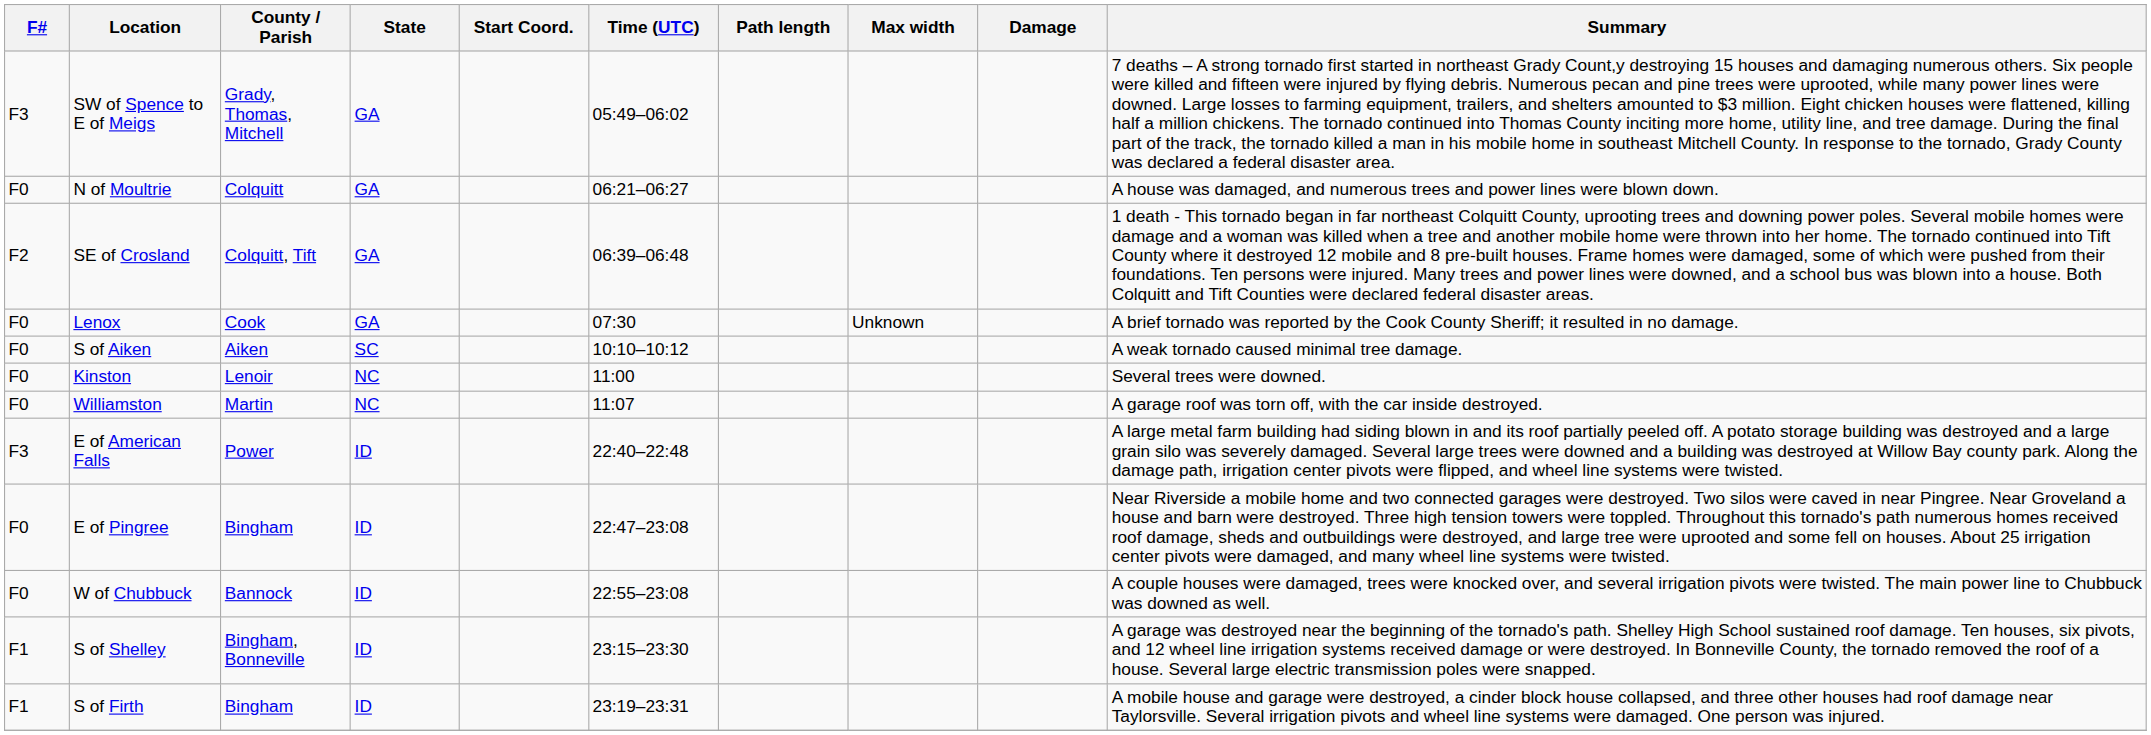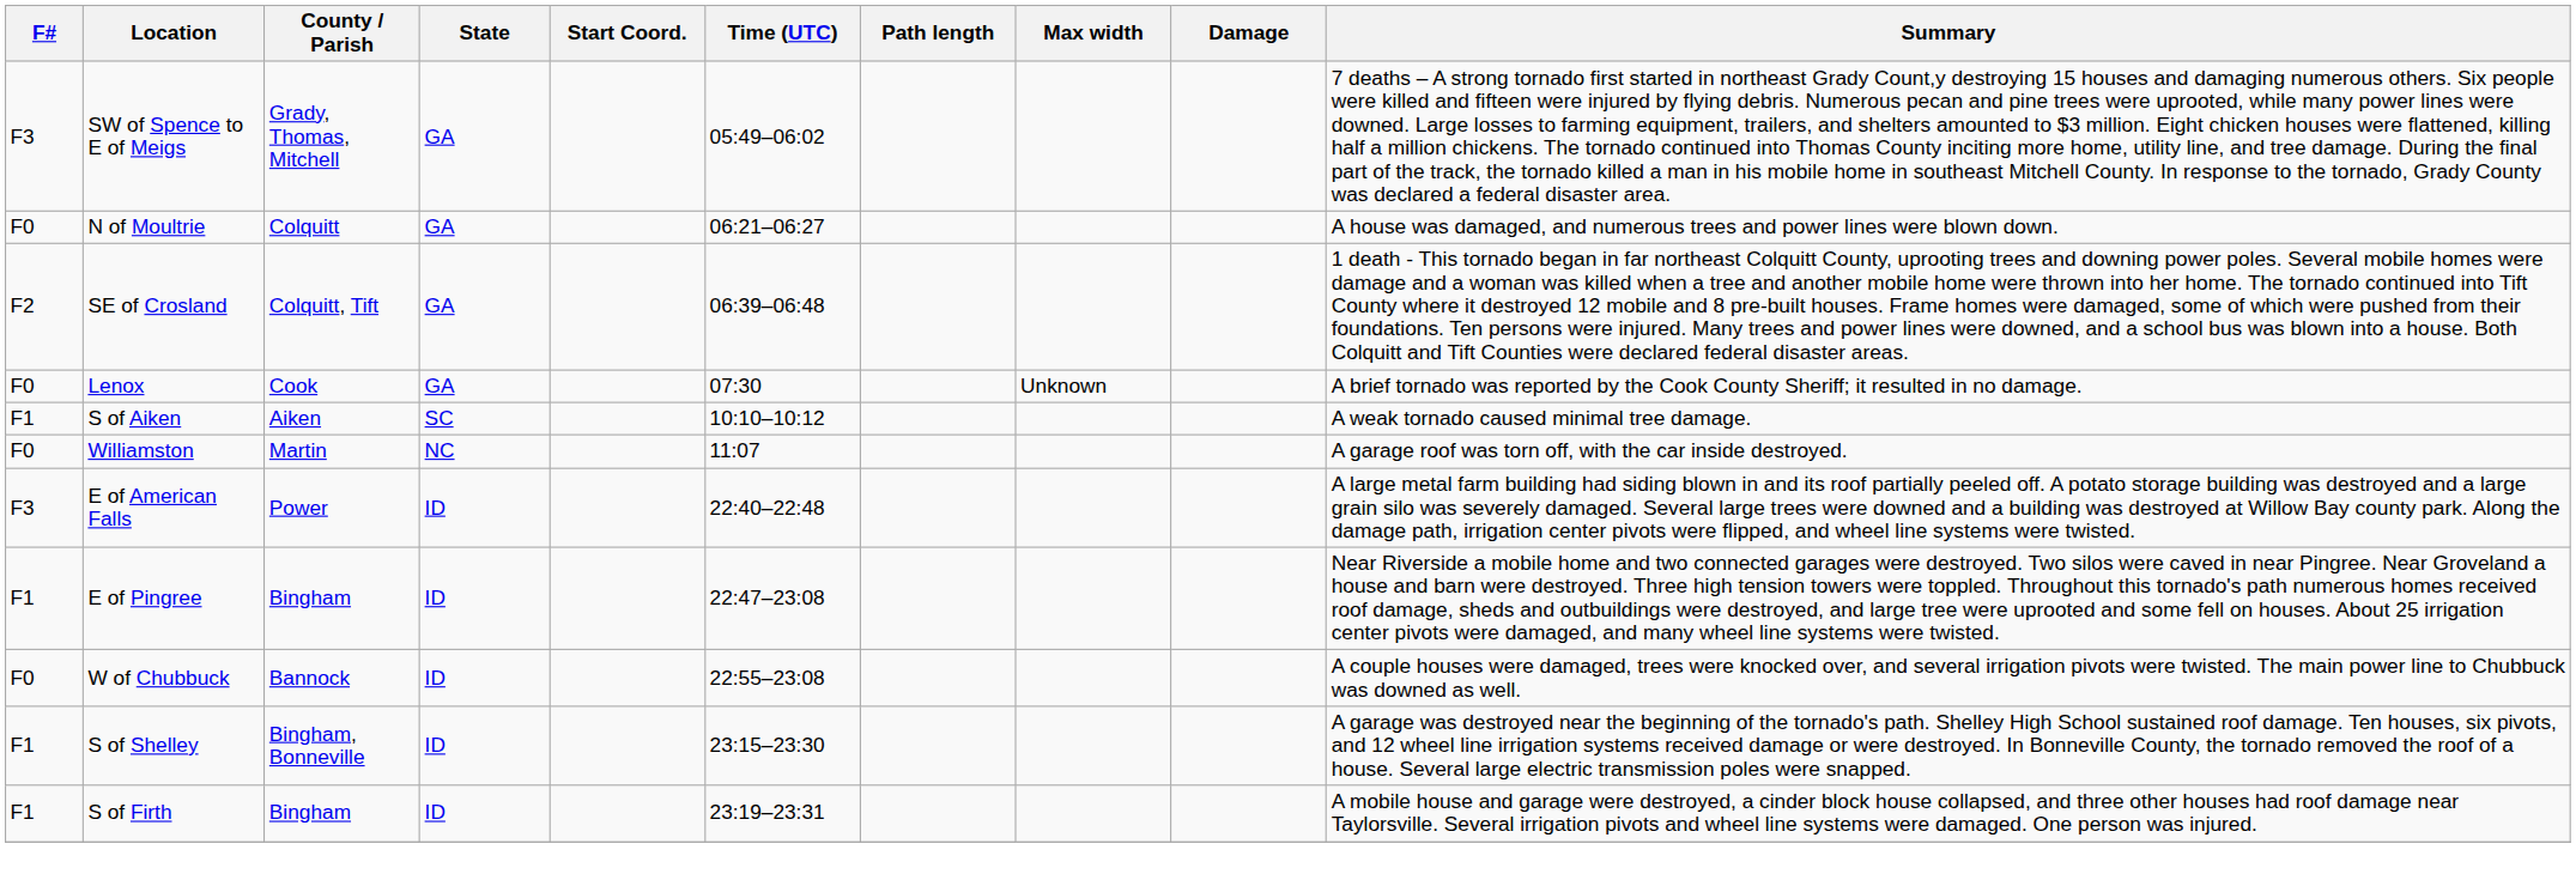 <table class="wikitable sortable" style="width:100%;">
 <tr>
 <th scope="col"  style="width:3%; text-align:center;"><a href='#'>F#</a></th>
 <th scope="col"  style="width:7%; text-align:center;" class="unsortable">Location</th>
 <th scope="col"  style="width:6%; text-align:center;" class="unsortable">County / Parish</th>
 <th scope="col"  style="width:5%; text-align:center;">State</th>
 <th scope="col"  style="width:6%; text-align:center;">Start Coord.</th>
 <th scope="col"  style="width:6%; text-align:center;">Time (<a href='#'>UTC</a>)</th>
 <th scope="col"  style="width:6%; text-align:center;">Path length</th>
 <th scope="col"  style="width:6%; text-align:center;">Max width</th>
 <th scope="col"  style="width:6%; text-align:center;">Damage</th>
 <th scope="col" class="unsortable" style="width:48%; text-align:center;">Summary</th>
 </tr>
 <tr>
 <td>F3</td>
 <td>SW of <a href='#'>Spence</a> to E of <a href='#'>Meigs</a></td>
 <td><a href='#'>Grady</a>, <a href='#'>Thomas</a>, <a href='#'>Mitchell</a></td>
 <td><a href='#'>GA</a></td>
 <td></td>
 <td>05:49–06:02</td>
 <td></td>
 <td></td>
 <td></td>
 <td>7 deaths – A strong tornado first started in northeast Grady Count,y destroying 15 houses and damaging numerous others. Six people were killed and fifteen were injured by flying debris. Numerous pecan and pine trees were uprooted, while many power lines were downed. Large losses to farming equipment, trailers, and shelters amounted to $3 million. Eight chicken houses were flattened, killing half a million chickens. The tornado continued into Thomas County inciting more home, utility line, and tree damage. During the final part of the track, the tornado killed a man in his mobile home in southeast Mitchell County. In response to the tornado, Grady County was declared a federal disaster area.</td>
 </tr>
 <tr>
 <td>F0</td>
 <td>N of <a href='#'>Moultrie</a></td>
 <td><a href='#'>Colquitt</a></td>
 <td><a href='#'>GA</a></td>
 <td></td>
 <td>06:21–06:27</td>
 <td></td>
 <td></td>
 <td></td>
 <td>A house was damaged, and numerous trees and power lines were blown down.</td>
 </tr>
 <tr>
 <td>F2</td>
 <td>SE of <a href='#'>Crosland</a></td>
 <td><a href='#'>Colquitt</a>, <a href='#'>Tift</a></td>
 <td><a href='#'>GA</a></td>
 <td></td>
 <td>06:39–06:48</td>
 <td></td>
 <td></td>
 <td></td>
 <td>1 death - This tornado began in far northeast Colquitt County, uprooting trees and downing power poles. Several mobile homes were damage and a woman was killed when a tree and another mobile home were thrown into her home. The tornado continued into Tift County where it destroyed 12 mobile and 8 pre-built houses. Frame homes were damaged, some of which were pushed from their foundations. Ten persons were injured. Many trees and power lines were downed, and a school bus was blown into a house. Both Colquitt and Tift Counties were declared federal disaster areas.</td>
 </tr>
 <tr>
 <td>F0</td>
 <td><a href='#'>Lenox</a></td>
 <td><a href='#'>Cook</a></td>
 <td><a href='#'>GA</a></td>
 <td></td>
 <td>07:30</td>
 <td></td>
 <td>Unknown</td>
 <td></td>
 <td>A brief tornado was reported by the Cook County Sheriff; it resulted in no damage.</td>
 </tr>
 <tr>
-<td>F0</td>
+<td>F1</td>
 <td>S of <a href='#'>Aiken</a></td>
 <td><a href='#'>Aiken</a></td>
 <td><a href='#'>SC</a></td>
 <td></td>
 <td>10:10–10:12</td>
 <td></td>
 <td></td>
 <td></td>
 <td>A weak tornado caused minimal tree damage.</td>
-</tr>
-<tr>
-<td>F0</td>
-<td><a href='#'>Kinston</a></td>
-<td><a href='#'>Lenoir</a></td>
-<td><a href='#'>NC</a></td>
-<td></td>
-<td>11:00</td>
-<td></td>
-<td></td>
-<td></td>
-<td>Several trees were downed.</td>
 </tr>
 <tr>
 <td>F0</td>
 <td><a href='#'>Williamston</a></td>
 <td><a href='#'>Martin</a></td>
 <td><a href='#'>NC</a></td>
 <td></td>
 <td>11:07</td>
 <td></td>
 <td></td>
 <td></td>
 <td>A garage roof was torn off, with the car inside destroyed.</td>
 </tr>
 <tr>
 <td>F3</td>
 <td>E of <a href='#'>American Falls</a></td>
 <td><a href='#'>Power</a></td>
 <td><a href='#'>ID</a></td>
 <td></td>
 <td>22:40–22:48</td>
 <td></td>
 <td></td>
 <td></td>
 <td>A large metal farm building had siding blown in and its roof partially peeled off. A potato storage building was destroyed and a large grain silo was severely damaged. Several large trees were downed and a building was destroyed at Willow Bay county park. Along the damage path, irrigation center pivots were flipped, and wheel line systems were twisted.</td>
 </tr>
 <tr>
-<td>F0</td>
+<td>F1</td>
 <td>E of <a href='#'>Pingree</a></td>
 <td><a href='#'>Bingham</a></td>
 <td><a href='#'>ID</a></td>
 <td></td>
 <td>22:47–23:08</td>
 <td></td>
 <td></td>
 <td></td>
 <td>Near Riverside a mobile home and two connected garages were destroyed. Two silos were caved in near Pingree. Near Groveland a house and barn were destroyed. Three high tension towers were toppled. Throughout this tornado's path numerous homes received roof damage, sheds and outbuildings were destroyed, and large tree were uprooted and some fell on houses. About 25 irrigation center pivots were damaged, and many wheel line systems were twisted.</td>
 </tr>
 <tr>
 <td>F0</td>
 <td>W of <a href='#'>Chubbuck</a></td>
 <td><a href='#'>Bannock</a></td>
 <td><a href='#'>ID</a></td>
 <td></td>
 <td>22:55–23:08</td>
 <td></td>
 <td></td>
 <td></td>
 <td>A couple houses were damaged, trees were knocked over, and several irrigation pivots were twisted. The main power line to Chubbuck was downed as well.</td>
 </tr>
 <tr>
 <td>F1</td>
 <td>S of <a href='#'>Shelley</a></td>
 <td><a href='#'>Bingham</a>, <a href='#'>Bonneville</a></td>
 <td><a href='#'>ID</a></td>
 <td></td>
 <td>23:15–23:30</td>
 <td></td>
 <td></td>
 <td></td>
 <td>A garage was destroyed near the beginning of the tornado's path. Shelley High School sustained roof damage. Ten houses, six pivots, and 12 wheel line irrigation systems received damage or were destroyed. In Bonneville County, the tornado removed the roof of a house. Several large electric transmission poles were snapped.</td>
 </tr>
 <tr>
 <td>F1</td>
 <td>S of <a href='#'>Firth</a></td>
 <td><a href='#'>Bingham</a></td>
 <td><a href='#'>ID</a></td>
 <td></td>
 <td>23:19–23:31</td>
 <td></td>
 <td></td>
 <td></td>
 <td>A mobile house and garage were destroyed, a cinder block house collapsed, and three other houses had roof damage near Taylorsville. Several irrigation pivots and wheel line systems were damaged. One person was injured.</td>
 </tr>
 <tr>
 </tr>
 </table>
